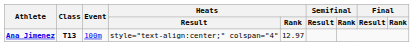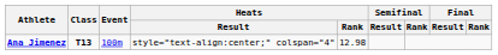 <table class=wikitable style="font-size:90%">
 <tr>
 <th rowspan="2">Athlete</th>
 <th rowspan="2">Class</th>
 <th rowspan="2">Event</th>
 <th colspan="2">Heats</th>
 <th colspan="2">Semifinal</th>
 <th colspan="2">Final</th>
 </tr>
 <tr>
 <th>Result</th>
 <th>Rank</th>
 <th>Result</th>
 <th>Rank</th>
 <th>Result</th>
 <th>Rank</th>
 </tr>
 <tr>
 <td><strong><a href='#'>Ana Jimenez</a></strong></td>
 <td style="text-align:center;"><strong>T13</strong></td>
 <td><a href='#'>100m</a></td>
 <td>style="text-align:center;" colspan="4" </td>
-<td style="text-align:center;">12.97</td>
+<td style="text-align:center;">12.98</td>
 <td style="text-align:center;"></td>
 </tr>
 </table>
